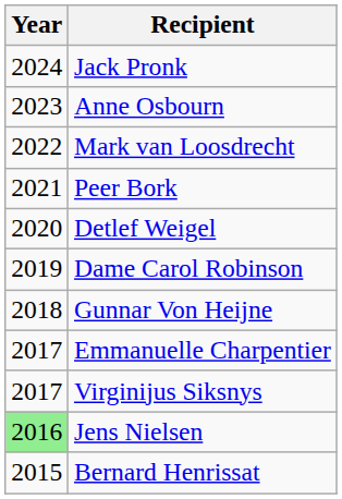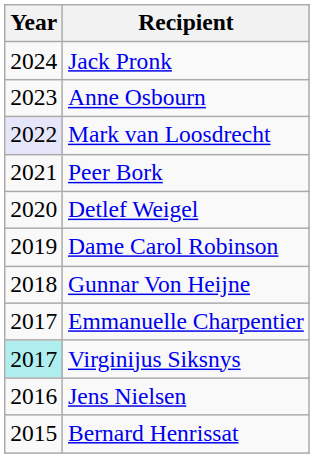 <table class="wikitable">
 <tr>
 <th>Year</th>
 <th>Recipient</th>
 </tr>
 <tr>
 <td>2024</td>
 <td><a href='#'>Jack Pronk</a></td>
 </tr>
 <tr>
 <td>2023</td>
 <td><a href='#'>Anne Osbourn</a></td>
 </tr>
 <tr>
-<td>2022</td>
+<td style="background: lavender;">2022</td>
 <td><a href='#'>Mark van Loosdrecht</a></td>
 </tr>
 <tr>
 <td>2021</td>
 <td><a href='#'>Peer Bork</a></td>
 </tr>
 <tr>
 <td>2020</td>
 <td><a href='#'>Detlef Weigel</a></td>
 </tr>
 <tr>
 <td>2019</td>
 <td><a href='#'>Dame Carol Robinson</a></td>
 </tr>
 <tr>
 <td>2018</td>
 <td><a href='#'>Gunnar Von Heijne</a></td>
 </tr>
 <tr>
 <td>2017</td>
 <td><a href='#'>Emmanuelle Charpentier</a></td>
 </tr>
 <tr>
-<td>2017</td>
+<td style="background: paleturquoise;">2017</td>
 <td><a href='#'>Virginijus Siksnys</a></td>
 </tr>
 <tr>
-<td style="background: lightgreen;">2016</td>
+<td>2016</td>
 <td><a href='#'>Jens Nielsen</a></td>
 </tr>
 <tr>
 <td>2015</td>
 <td><a href='#'>Bernard Henrissat</a></td>
 </tr>
 </table>
